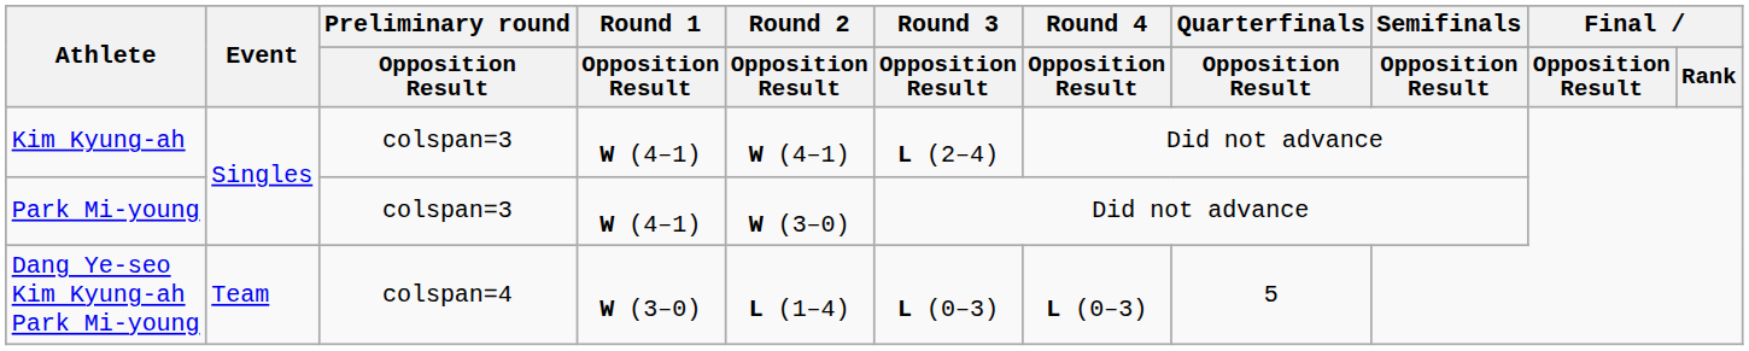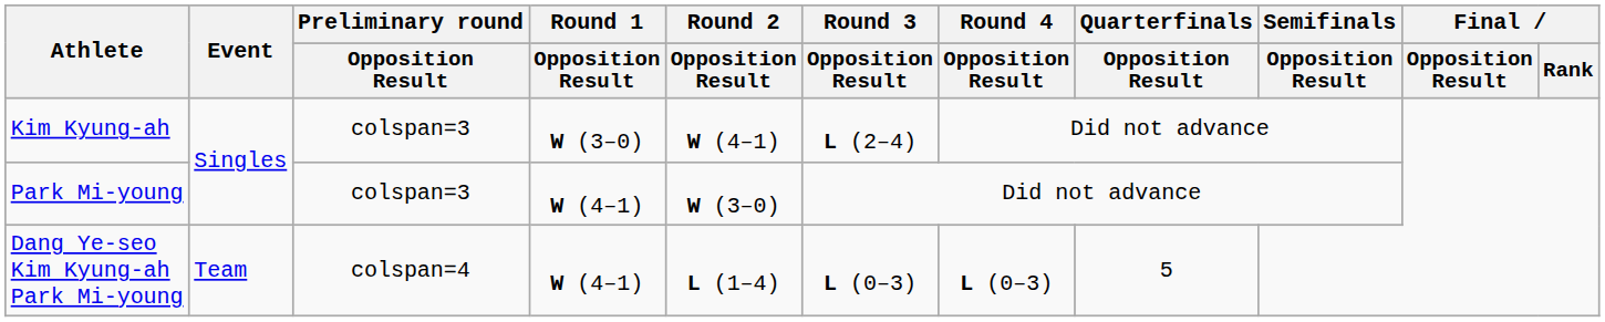 <table class="wikitable" style="font-size:90%">
 <tr>
 <th rowspan=2>Athlete</th>
 <th rowspan=2>Event</th>
 <th>Preliminary round</th>
 <th>Round 1</th>
 <th>Round 2</th>
 <th>Round 3</th>
 <th>Round 4</th>
 <th>Quarterfinals</th>
 <th>Semifinals</th>
 <th colspan=2>Final / </th>
 </tr>
 <tr style="font-size:95%">
 <th>Opposition<br>Result</th>
 <th>Opposition<br>Result</th>
 <th>Opposition<br>Result</th>
 <th>Opposition<br>Result</th>
 <th>Opposition<br>Result</th>
 <th>Opposition<br>Result</th>
 <th>Opposition<br>Result</th>
 <th>Opposition<br>Result</th>
 <th>Rank</th>
 </tr>
 <tr align=center>
 <td align=left><a href='#'>Kim Kyung-ah</a></td>
 <td align=left rowspan=2><a href='#'>Singles</a></td>
 <td>colspan=3 </td>
-<td><br><strong>W</strong> (4–1)</td>
+<td><br><strong>W</strong> (3–0)</td>
 <td><br><strong>W</strong> (4–1)</td>
 <td><br><strong>L</strong> (2–4)</td>
 <td colspan=3>Did not advance</td>
 </tr>
 <tr align=center>
 <td align=left><a href='#'>Park Mi-young</a></td>
 <td>colspan=3 </td>
 <td><br><strong>W</strong> (4–1)</td>
 <td><br><strong>W</strong> (3–0)</td>
 <td colspan=4>Did not advance</td>
 </tr>
 <tr align=center>
 <td align=left><a href='#'>Dang Ye-seo</a><br><a href='#'>Kim Kyung-ah</a><br><a href='#'>Park Mi-young</a></td>
 <td align=left><a href='#'>Team</a></td>
 <td>colspan=4 </td>
-<td><br><strong>W</strong> (3–0)</td>
+<td><br><strong>W</strong> (4–1)</td>
 <td><br><strong>L</strong> (1–4)</td>
 <td><br> <strong>L</strong> (0–3)</td>
 <td><br> <strong>L</strong> (0–3)</td>
 <td>5</td>
 </tr>
 </table>
